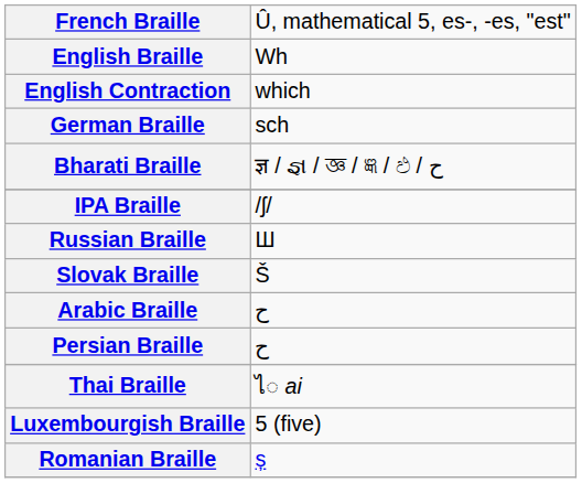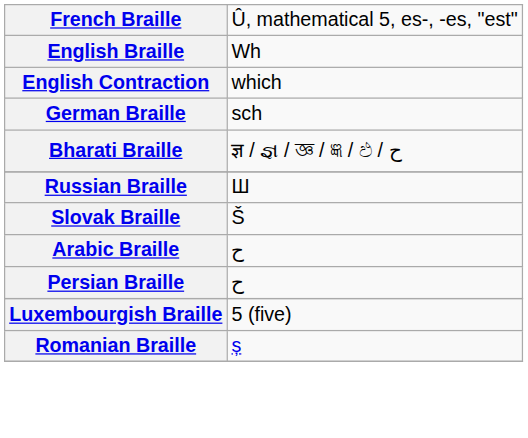 <table class="wikitable">
 <tr>
 <th align=left><a href='#'>French Braille</a></th>
 <td>Û, mathematical 5, es-, -es, "est"</td>
 </tr>
 <tr>
 <th align=left><a href='#'>English Braille</a></th>
 <td>Wh</td>
 </tr>
 <tr>
 <th align=left><a href='#'>English Contraction</a></th>
 <td>which</td>
 </tr>
 <tr>
 <th align=left><a href='#'>German Braille</a></th>
 <td>sch</td>
 </tr>
 <tr>
 <th align=left><a href='#'>Bharati Braille</a></th>
 <td>ज्ञ / જ્ઞ / জ্ঞ / ଜ୍ଞ / ඵ / ح ‎</td>
 </tr>
 <tr>
 </tr>
 <tr>
-<th align=left><a href='#'>IPA Braille</a></th>
-<td>/ʃ/</td>
-</tr>
-<tr>
 <th align=left><a href='#'>Russian Braille</a></th>
 <td>Ш</td>
 </tr>
 <tr>
 <th align=left><a href='#'>Slovak Braille</a></th>
 <td>Š</td>
 </tr>
 <tr>
 <th align=left><a href='#'>Arabic Braille</a></th>
 <td>ح</td>
 </tr>
 <tr>
 <th align=left><a href='#'>Persian Braille</a></th>
 <td>ح</td>
 </tr>
 <tr>
 </tr>
 <tr>
-<th align=left><a href='#'>Thai Braille</a></th>
-<td>ไ◌ <em>ai</em></td>
-</tr>
-<tr>
 <th align=left><a href='#'>Luxembourgish Braille</a></th>
 <td>5 (five)</td>
 </tr>
 <tr>
 <th align=left><a href='#'>Romanian Braille</a></th>
 <td><a href='#'>ș</a></td>
 </tr>
 <tr>
 </tr>
 </table>
